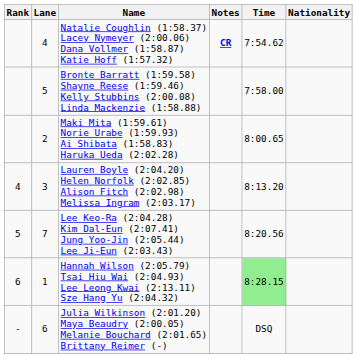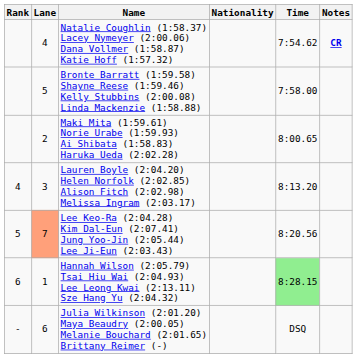 <table class="wikitable sortable" style="text-align:center">
 <tr>
 <th>Rank</th>
 <th>Lane</th>
 <th>Name</th>
+<th>Nationality</th>
+<th>Time</th>
 <th>Notes</th>
-<th>Time</th>
-<th>Nationality</th>
 </tr>
 <tr>
 <td></td>
 <td>4</td>
 <td align=left><a href='#'>Natalie Coughlin</a> (1:58.37) <br><a href='#'>Lacey Nymeyer</a> (2:00.06) <br><a href='#'>Dana Vollmer</a> (1:58.87) <br><a href='#'>Katie Hoff</a> (1:57.32)</td>
+<td align=left></td>
+<td>7:54.62</td>
 <td><strong><a href='#'>CR</a></strong></td>
-<td>7:54.62</td>
-<td align=left></td>
 </tr>
 <tr>
 <td></td>
 <td>5</td>
 <td align=left><a href='#'>Bronte Barratt</a> (1:59.58) <br> <a href='#'>Shayne Reese</a> (1:59.46) <br><a href='#'>Kelly Stubbins</a> (2:00.08) <br><a href='#'>Linda Mackenzie</a> (1:58.88)</td>
+<td align=left></td>
+<td>7:58.00</td>
 <td></td>
-<td>7:58.00</td>
-<td align=left></td>
 </tr>
 <tr>
 <td></td>
 <td>2</td>
 <td align=left><a href='#'>Maki Mita</a> (1:59.61) <br> <a href='#'>Norie Urabe</a> (1:59.93) <br> <a href='#'>Ai Shibata</a> (1:58.83) <br> <a href='#'>Haruka Ueda</a> (2:02.28)</td>
+<td align=left></td>
+<td>8:00.65</td>
 <td></td>
-<td>8:00.65</td>
-<td align=left></td>
 </tr>
 <tr>
 <td>4</td>
 <td>3</td>
 <td align=left><a href='#'>Lauren Boyle</a> (2:04.20) <br> <a href='#'>Helen Norfolk</a> (2:02.85) <br> <a href='#'>Alison Fitch</a> (2:02.98) <br> <a href='#'>Melissa Ingram</a> (2:03.17)</td>
+<td align=left></td>
+<td>8:13.20</td>
 <td></td>
-<td>8:13.20</td>
-<td align=left></td>
 </tr>
 <tr>
 <td>5</td>
-<td>7</td>
+<td style="background: lightsalmon;">7</td>
 <td align=left><a href='#'>Lee Keo-Ra</a> (2:04.28) <br><a href='#'>Kim Dal-Eun</a> (2:07.41) <br><a href='#'>Jung Yoo-Jin</a> (2:05.44) <br><a href='#'>Lee Ji-Eun</a> (2:03.43)</td>
+<td align=left></td>
+<td>8:20.56</td>
 <td></td>
-<td>8:20.56</td>
-<td align=left></td>
 </tr>
 <tr>
 <td>6</td>
 <td>1</td>
 <td align=left><a href='#'>Hannah Wilson</a> (2:05.79) <br><a href='#'>Tsai Hiu Wai</a> (2:04.93) <br><a href='#'>Lee Leong Kwai</a> (2:13.11) <br><a href='#'>Sze Hang Yu</a> (2:04.32)</td>
+<td align=left></td>
+<td style="background: lightgreen;">8:28.15</td>
 <td></td>
-<td style="background: lightgreen;">8:28.15</td>
-<td align=left></td>
 </tr>
 <tr>
 <td>-</td>
 <td>6</td>
 <td align=left><a href='#'>Julia Wilkinson</a> (2:01.20) <br><a href='#'>Maya Beaudry</a> (2:00.05) <br><a href='#'>Melanie Bouchard</a> (2:01.65) <br><a href='#'>Brittany Reimer</a> (-)</td>
+<td align=left></td>
+<td>DSQ</td>
 <td></td>
-<td>DSQ</td>
-<td align=left></td>
 </tr>
 </table>
